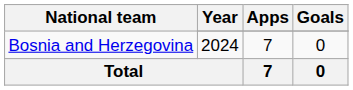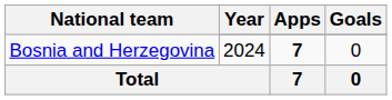 <table class="wikitable" style="text-align:center">
 <tr>
 <th>National team</th>
 <th>Year</th>
 <th>Apps</th>
 <th>Goals</th>
 </tr>
 <tr>
 <td rowspan=2><a href='#'>Bosnia and Herzegovina</a></td>
 </tr>
 <tr>
 <td>2024</td>
-<td>7</td>
+<td><strong>7</strong></td>
 <td>0</td>
 </tr>
 <tr>
 <th colspan=2>Total</th>
 <th>7</th>
 <th>0</th>
 </tr>
 </table>
